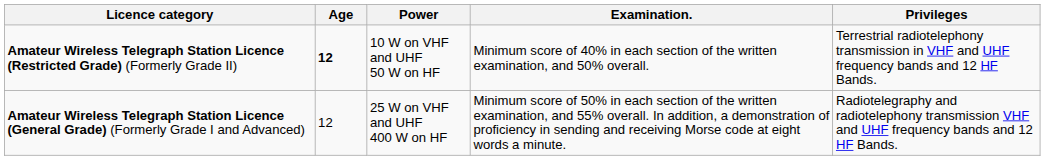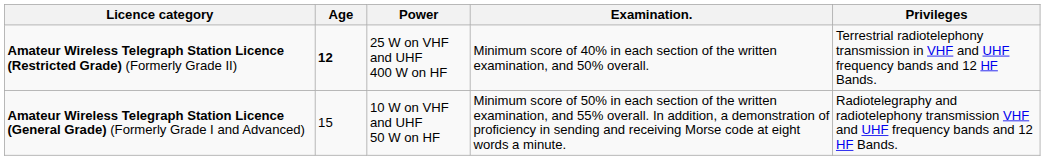 <table class="wikitable" width="100%">
 <tr>
 <th width="30%">Licence category</th>
 <th width="5%">Age</th>
 <th width="10%">Power</th>
 <th width="35%">Examination.</th>
 <th width="30%">Privileges</th>
 </tr>
 <tr>
 <td><strong>Amateur Wireless Telegraph Station Licence (Restricted Grade)</strong> (Formerly Grade II)</td>
 <td><strong>12</strong></td>
-<td>10 W on VHF and UHF<br>50 W on HF</td>
+<td>25 W on VHF and UHF<br>400 W on HF</td>
 <td>Minimum score of 40% in each section of the written examination, and 50% overall.</td>
 <td>Terrestrial radiotelephony transmission in  <a href='#'>VHF</a> and <a href='#'>UHF</a> frequency bands and 12 <a href='#'>HF</a> Bands.</td>
 </tr>
 <tr>
 <td><strong>Amateur Wireless Telegraph Station Licence (General Grade)</strong> (Formerly Grade I and Advanced)</td>
-<td>12</td>
-<td>25 W on VHF and UHF<br>400 W on HF</td>
+<td>15</td>
+<td>10 W on VHF and UHF<br>50 W on HF</td>
 <td>Minimum score of 50% in each section of the written examination, and 55% overall. In addition, a demonstration of proficiency in sending and receiving Morse code at eight words a minute.</td>
 <td>Radiotelegraphy and radiotelephony transmission <a href='#'>VHF</a> and <a href='#'>UHF</a> frequency bands and 12 <a href='#'>HF</a> Bands.</td>
 </tr>
 </table>
